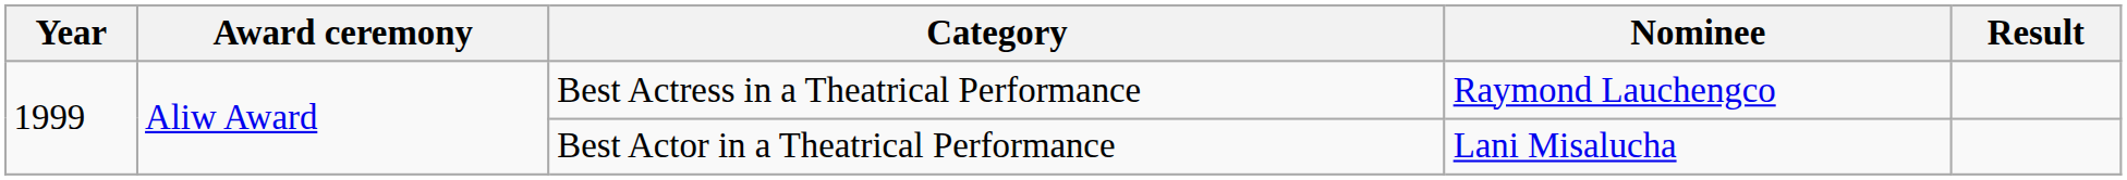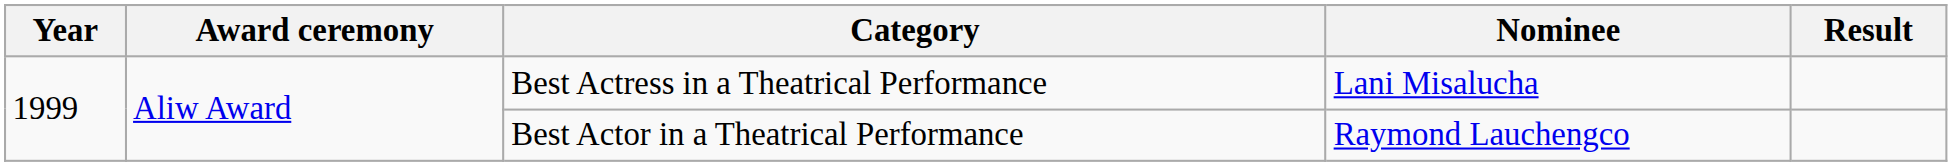 <table class=wikitable width=75%>
 <tr>
 <th scope=col>Year</th>
 <th scope=col>Award ceremony</th>
 <th scope=col>Category</th>
 <th scope=col>Nominee</th>
 <th scope=col>Result</th>
 </tr>
 <tr>
 <td rowspan=2>1999</td>
 <td rowspan=2><a href='#'>Aliw Award</a></td>
 <td>Best Actress in a Theatrical Performance</td>
-<td><a href='#'>Raymond Lauchengco</a></td>
+<td><a href='#'>Lani Misalucha</a></td>
 <td></td>
 </tr>
 <tr>
 <td>Best Actor in a Theatrical Performance</td>
-<td><a href='#'>Lani Misalucha</a></td>
+<td><a href='#'>Raymond Lauchengco</a></td>
 <td></td>
 </tr>
 </table>
